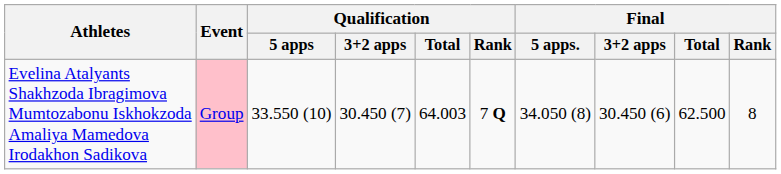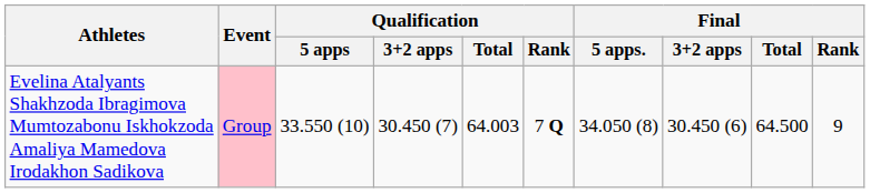 <table class="wikitable" style="text-align:center; font-size:90%">
 <tr>
 <th rowspan="2">Athletes</th>
 <th rowspan="2">Event</th>
 <th colspan="4">Qualification</th>
 <th colspan="4">Final</th>
 </tr>
 <tr style="font-size:95%">
 <th>5 apps</th>
 <th>3+2 apps</th>
 <th>Total</th>
 <th>Rank</th>
 <th>5 apps.</th>
 <th>3+2 apps</th>
 <th>Total</th>
 <th>Rank</th>
 </tr>
 <tr>
 <td align=left><a href='#'>Evelina Atalyants</a><br><a href='#'>Shakhzoda Ibragimova</a><br><a href='#'>Mumtozabonu Iskhokzoda</a><br><a href='#'>Amaliya Mamedova</a><br><a href='#'>Irodakhon Sadikova</a></td>
 <td align=left style="background: pink;"><a href='#'>Group</a></td>
 <td>33.550 (10)</td>
 <td>30.450 (7)</td>
 <td>64.003</td>
 <td>7 <strong>Q</strong></td>
 <td>34.050 (8)</td>
 <td>30.450 (6)</td>
-<td>62.500</td>
-<td>8</td>
+<td>64.500</td>
+<td>9</td>
 </tr>
 </table>
